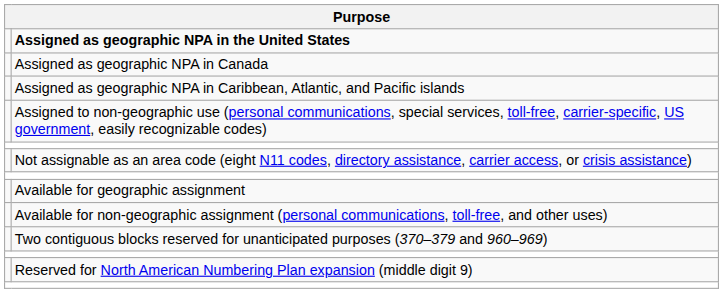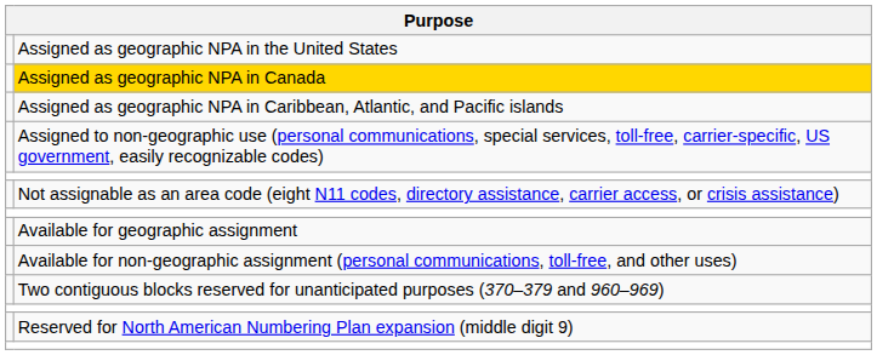 <table class=wikitable style="font-size:small; line-height:120%; max-width:50em;">
 <tr>
 <th colspan=2>Purpose</th>
 </tr>
 <tr>
 <td></td>
-<td><strong>Assigned as geographic NPA in the United States</strong></td>
+<td>Assigned as geographic NPA in the United States</td>
 </tr>
 <tr>
 <td></td>
-<td>Assigned as geographic NPA in Canada</td>
+<td style="background: gold;">Assigned as geographic NPA in Canada</td>
 </tr>
 <tr>
 <td></td>
 <td>Assigned as geographic NPA in Caribbean, Atlantic, and Pacific islands</td>
 </tr>
 <tr>
 <td></td>
 <td>Assigned to non-geographic use (<a href='#'>personal communications</a>, special services, <a href='#'>toll-free</a>, <a href='#'>carrier-specific</a>, <a href='#'>US government</a>, easily recognizable codes)</td>
 </tr>
 <tr>
 <td colspan=2 style="background-color: white;"></td>
 </tr>
 <tr>
 <td></td>
 <td>Not assignable as an area code (eight <a href='#'>N11 codes</a>, <a href='#'>directory assistance</a>, <a href='#'>carrier access</a>, or <a href='#'>crisis assistance</a>)</td>
 </tr>
 <tr>
 <td colspan=2 style="background-color: white;"></td>
 </tr>
 <tr>
 <td></td>
 <td>Available for geographic assignment</td>
 </tr>
 <tr>
 <td></td>
 <td>Available for non-geographic assignment (<a href='#'>personal communications</a>, <a href='#'>toll-free</a>, and other uses)</td>
 </tr>
 <tr>
 <td></td>
 <td>Two contiguous blocks reserved for unanticipated purposes (<em>370–379</em> and <em>960–969</em>)</td>
 </tr>
 <tr>
 <td colspan=3 style="background-color: white;"></td>
 </tr>
 <tr>
 <td></td>
 <td>Reserved for <a href='#'>North American Numbering Plan expansion</a> (middle digit 9)</td>
 </tr>
 <tr>
 <td colspan=2 style="background-color: white;"></td>
 </tr>
 </table>
